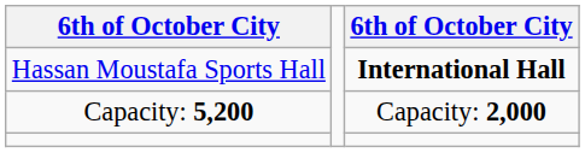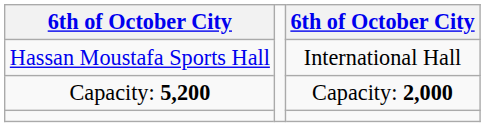 <table class="wikitable" style="text-align:center">
 <tr>
 <th><a href='#'>6th of October City</a></th>
 <td rowspan="4"></td>
 <th><a href='#'>6th of October City</a></th>
 </tr>
 <tr>
 <td><a href='#'>Hassan Moustafa Sports Hall</a></td>
-<td><strong>International Hall</strong></td>
+<td>International Hall</td>
 </tr>
 <tr>
 <td>Capacity: <strong>5,200</strong></td>
 <td>Capacity: <strong>2,000</strong></td>
 </tr>
 <tr>
 <td></td>
 <td></td>
 </tr>
 </table>
